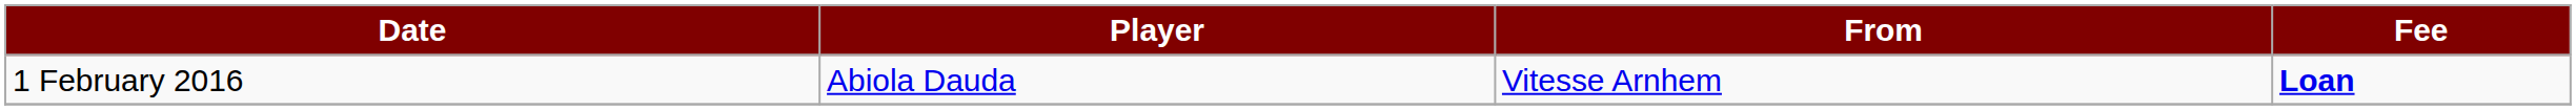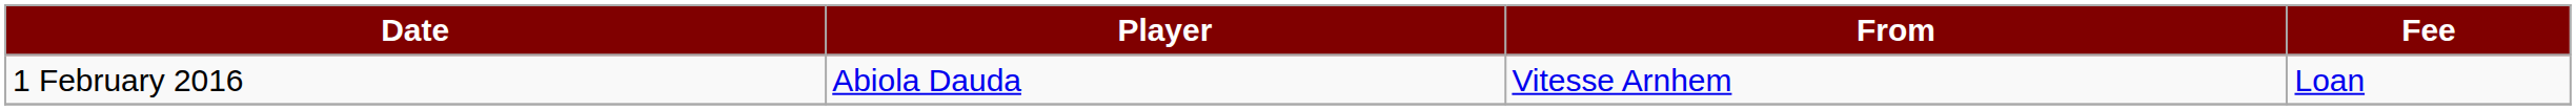 <table class="wikitable" style="text-align:left; font-size:95%;width:98%;">
 <tr>
 <th style="background:maroon; color:white;">Date</th>
 <th style="background:maroon; color:white;">Player</th>
 <th style="background:maroon; color:white;">From</th>
 <th style="background:maroon; color:white;">Fee</th>
 </tr>
 <tr>
 <td>1 February 2016</td>
 <td> <a href='#'>Abiola Dauda</a></td>
 <td> <a href='#'>Vitesse Arnhem</a></td>
-<td><strong><a href='#'>Loan</a></strong></td>
+<td><a href='#'>Loan</a></td>
 </tr>
 <tr>
 </tr>
 </table>
